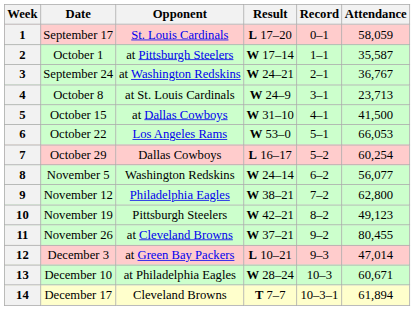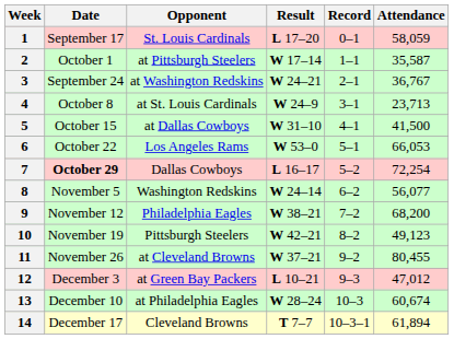 <table class="wikitable" style="text-align:center">
 <tr>
 <th>Week</th>
 <th>Date</th>
 <th>Opponent</th>
 <th>Result</th>
 <th>Record</th>
 <th>Attendance</th>
 </tr>
 <tr style="background:#fcc">
 <th>1</th>
 <td>September 17</td>
 <td><a href='#'>St. Louis Cardinals</a></td>
 <td><strong>L</strong> 17–20</td>
 <td>0–1</td>
 <td>58,059</td>
 </tr>
 <tr style="background:#cfc">
 <th>2</th>
 <td>October 1</td>
 <td>at <a href='#'>Pittsburgh Steelers</a></td>
 <td><strong>W</strong> 17–14</td>
 <td>1–1</td>
 <td>35,587</td>
 </tr>
 <tr style="background:#cfc">
 <th>3</th>
 <td>September 24</td>
 <td>at <a href='#'>Washington Redskins</a></td>
 <td><strong>W</strong> 24–21</td>
 <td>2–1</td>
 <td>36,767</td>
 </tr>
 <tr style="background:#cfc">
 <th>4</th>
 <td>October 8</td>
 <td>at St. Louis Cardinals</td>
 <td><strong>W</strong> 24–9</td>
 <td>3–1</td>
 <td>23,713</td>
 </tr>
 <tr style="background:#cfc">
 <th>5</th>
 <td>October 15</td>
 <td>at <a href='#'>Dallas Cowboys</a></td>
 <td><strong>W</strong> 31–10</td>
 <td>4–1</td>
 <td>41,500</td>
 </tr>
 <tr style="background:#cfc">
 <th>6</th>
 <td>October 22</td>
 <td><a href='#'>Los Angeles Rams</a></td>
 <td><strong>W</strong> 53–0</td>
 <td>5–1</td>
 <td>66,053</td>
 </tr>
 <tr style="background:#fcc">
 <th>7</th>
-<td>October 29</td>
+<td><strong>October 29</strong></td>
 <td>Dallas Cowboys</td>
 <td><strong>L</strong> 16–17</td>
 <td>5–2</td>
-<td>60,254</td>
+<td>72,254</td>
 </tr>
 <tr style="background:#cfc">
 <th>8</th>
 <td>November 5</td>
 <td>Washington Redskins</td>
 <td><strong>W</strong> 24–14</td>
 <td>6–2</td>
 <td>56,077</td>
 </tr>
 <tr style="background:#cfc">
 <th>9</th>
 <td>November 12</td>
 <td><a href='#'>Philadelphia Eagles</a></td>
 <td><strong>W</strong> 38–21</td>
 <td>7–2</td>
-<td>62,800</td>
+<td>68,200</td>
 </tr>
 <tr style="background:#cfc">
 <th>10</th>
 <td>November 19</td>
 <td>Pittsburgh Steelers</td>
 <td><strong>W</strong> 42–21</td>
 <td>8–2</td>
 <td>49,123</td>
 </tr>
 <tr style="background:#cfc">
 <th>11</th>
 <td>November 26</td>
 <td>at <a href='#'>Cleveland Browns</a></td>
 <td><strong>W</strong> 37–21</td>
 <td>9–2</td>
 <td>80,455</td>
 </tr>
 <tr style="background:#fcc">
 <th>12</th>
 <td>December 3</td>
 <td>at <a href='#'>Green Bay Packers</a></td>
 <td><strong>L</strong> 10–21</td>
 <td>9–3</td>
-<td>47,014</td>
+<td>47,012</td>
 </tr>
 <tr style="background:#cfc">
 <th>13</th>
 <td>December 10</td>
 <td>at Philadelphia Eagles</td>
 <td><strong>W</strong> 28–24</td>
 <td>10–3</td>
-<td>60,671</td>
+<td>60,674</td>
 </tr>
 <tr style="background:#ffc">
 <th>14</th>
 <td>December 17</td>
 <td>Cleveland Browns</td>
 <td><strong>T</strong> 7–7</td>
 <td>10–3–1</td>
 <td>61,894</td>
 </tr>
 </table>
